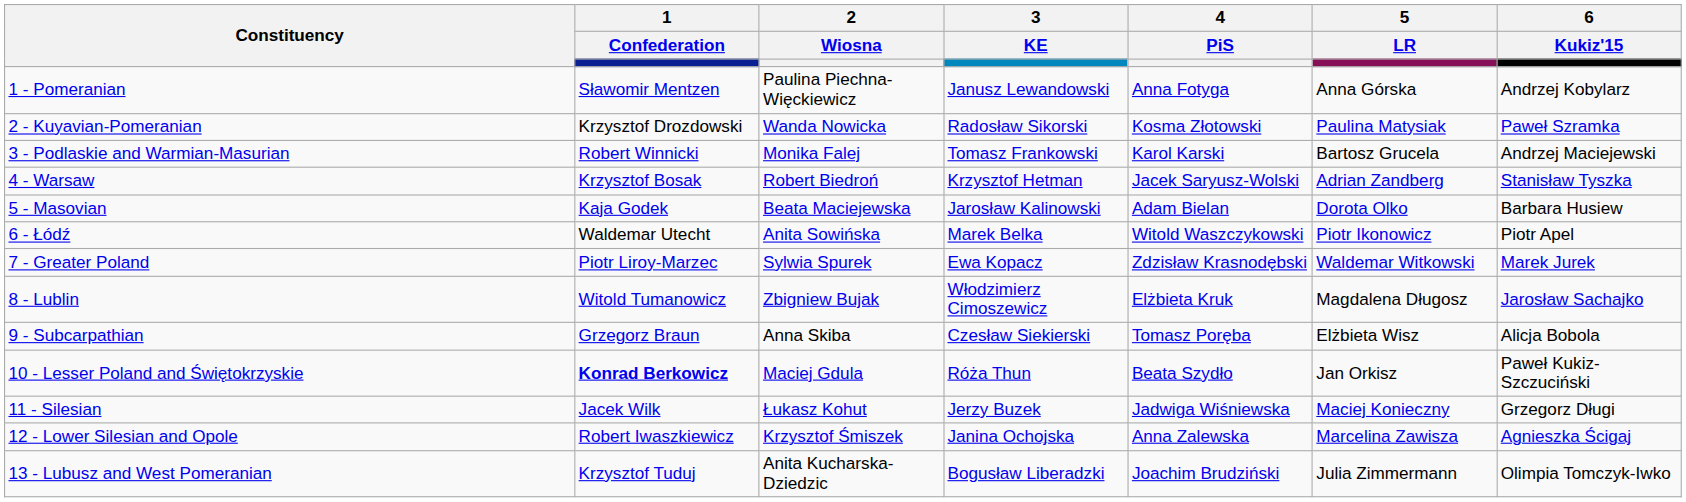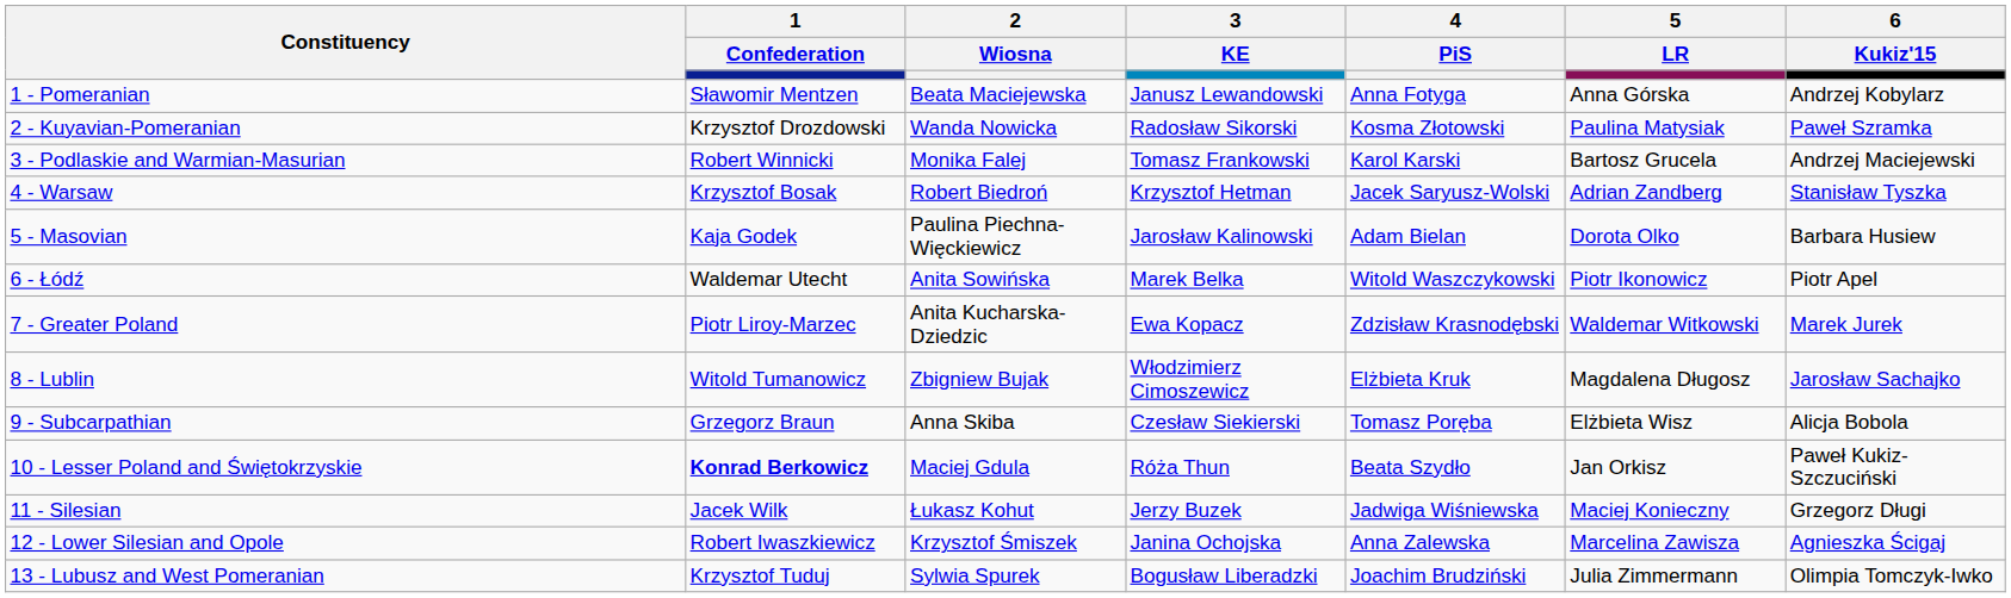 <table class="wikitable" font-size:90%>
 <tr>
 <th rowspan="3">Constituency</th>
 <th>1</th>
 <th>2</th>
 <th>3</th>
 <th>4</th>
 <th>5</th>
 <th>6</th>
 </tr>
 <tr>
 <th width="11%"><a href='#'>Confederation</a></th>
 <th width="11%"><a href='#'>Wiosna</a></th>
 <th width="11%"><a href='#'>KE</a></th>
 <th width="11%"><a href='#'>PiS</a></th>
 <th width="11%"><a href='#'>LR</a></th>
 <th width="11%"><a href='#'>Kukiz'15</a></th>
 </tr>
 <tr>
 <th style="color:inherit;background: #091F92 "></th>
 <th style="color:inherit;background: "></th>
 <th style="color:inherit;background: #0087BD "></th>
 <th style="color:inherit;background: "></th>
 <th style="color:inherit;background: #870f57 "></th>
 <th style="color:inherit;background: #000000 "></th>
 </tr>
 <tr>
 <td><a href='#'>1 - Pomeranian</a></td>
 <td><a href='#'>Sławomir Mentzen</a></td>
-<td>Paulina Piechna-Więckiewicz</td>
+<td><a href='#'>Beata Maciejewska</a></td>
 <td><a href='#'>Janusz Lewandowski</a></td>
 <td><a href='#'>Anna Fotyga</a></td>
 <td>Anna Górska</td>
 <td>Andrzej Kobylarz</td>
 </tr>
 <tr>
 <td><a href='#'>2 - Kuyavian-Pomeranian</a></td>
 <td>Krzysztof Drozdowski</td>
 <td><a href='#'>Wanda Nowicka</a></td>
 <td><a href='#'>Radosław Sikorski</a></td>
 <td><a href='#'>Kosma Złotowski</a></td>
 <td><a href='#'>Paulina Matysiak</a></td>
 <td><a href='#'>Paweł Szramka</a></td>
 </tr>
 <tr>
 <td><a href='#'>3 - Podlaskie and Warmian-Masurian</a></td>
 <td><a href='#'>Robert Winnicki</a></td>
 <td><a href='#'>Monika Falej</a></td>
 <td><a href='#'>Tomasz Frankowski</a></td>
 <td><a href='#'>Karol Karski</a></td>
 <td>Bartosz Grucela</td>
 <td>Andrzej Maciejewski</td>
 </tr>
 <tr>
 <td><a href='#'>4 - Warsaw</a></td>
 <td><a href='#'>Krzysztof Bosak</a></td>
 <td><a href='#'>Robert Biedroń</a></td>
 <td><a href='#'>Krzysztof Hetman</a></td>
 <td><a href='#'>Jacek Saryusz-Wolski</a></td>
 <td><a href='#'>Adrian Zandberg</a></td>
 <td><a href='#'>Stanisław Tyszka</a></td>
 </tr>
 <tr>
 <td><a href='#'>5 - Masovian</a></td>
 <td><a href='#'>Kaja Godek</a></td>
-<td><a href='#'>Beata Maciejewska</a></td>
+<td>Paulina Piechna-Więckiewicz</td>
 <td><a href='#'>Jarosław Kalinowski</a></td>
 <td><a href='#'>Adam Bielan</a></td>
 <td><a href='#'>Dorota Olko</a></td>
 <td>Barbara Husiew</td>
 </tr>
 <tr>
 <td><a href='#'>6 - Łódź</a></td>
 <td>Waldemar Utecht</td>
 <td><a href='#'>Anita Sowińska</a></td>
 <td><a href='#'>Marek Belka</a></td>
 <td><a href='#'>Witold Waszczykowski</a></td>
 <td><a href='#'>Piotr Ikonowicz</a></td>
 <td>Piotr Apel</td>
 </tr>
 <tr>
 <td><a href='#'>7 - Greater Poland</a></td>
 <td><a href='#'>Piotr Liroy-Marzec</a></td>
-<td><a href='#'>Sylwia Spurek</a></td>
+<td>Anita Kucharska-Dziedzic</td>
 <td><a href='#'>Ewa Kopacz</a></td>
 <td><a href='#'>Zdzisław Krasnodębski</a></td>
 <td><a href='#'>Waldemar Witkowski</a></td>
 <td><a href='#'>Marek Jurek</a></td>
 </tr>
 <tr>
 <td><a href='#'>8 - Lublin</a></td>
 <td><a href='#'>Witold Tumanowicz</a></td>
 <td><a href='#'>Zbigniew Bujak</a></td>
 <td><a href='#'>Włodzimierz Cimoszewicz</a></td>
 <td><a href='#'>Elżbieta Kruk</a></td>
 <td>Magdalena Długosz</td>
 <td><a href='#'>Jarosław Sachajko</a></td>
 </tr>
 <tr>
 <td><a href='#'>9 - Subcarpathian</a></td>
 <td><a href='#'>Grzegorz Braun</a></td>
 <td>Anna Skiba</td>
 <td><a href='#'>Czesław Siekierski</a></td>
 <td><a href='#'>Tomasz Poręba</a></td>
 <td>Elżbieta Wisz</td>
 <td>Alicja Bobola</td>
 </tr>
 <tr>
 <td><a href='#'>10 - Lesser Poland and Świętokrzyskie</a></td>
 <td><strong><a href='#'>Konrad Berkowicz</a></strong></td>
 <td><a href='#'>Maciej Gdula</a></td>
 <td><a href='#'>Róża Thun</a></td>
 <td><a href='#'>Beata Szydło</a></td>
 <td>Jan Orkisz</td>
 <td>Paweł Kukiz-Szczuciński</td>
 </tr>
 <tr>
 <td><a href='#'>11 - Silesian</a></td>
 <td><a href='#'>Jacek Wilk</a></td>
 <td><a href='#'>Łukasz Kohut</a></td>
 <td><a href='#'>Jerzy Buzek</a></td>
 <td><a href='#'>Jadwiga Wiśniewska</a></td>
 <td><a href='#'>Maciej Konieczny</a></td>
 <td>Grzegorz Długi</td>
 </tr>
 <tr>
 <td><a href='#'>12 - Lower Silesian and Opole</a></td>
 <td><a href='#'>Robert Iwaszkiewicz</a></td>
 <td><a href='#'>Krzysztof Śmiszek</a></td>
 <td><a href='#'>Janina Ochojska</a></td>
 <td><a href='#'>Anna Zalewska</a></td>
 <td><a href='#'>Marcelina Zawisza</a></td>
 <td><a href='#'>Agnieszka Ścigaj</a></td>
 </tr>
 <tr>
 <td><a href='#'>13 - Lubusz and West Pomeranian</a></td>
 <td><a href='#'>Krzysztof Tuduj</a></td>
-<td>Anita Kucharska-Dziedzic</td>
+<td><a href='#'>Sylwia Spurek</a></td>
 <td><a href='#'>Bogusław Liberadzki</a></td>
 <td><a href='#'>Joachim Brudziński</a></td>
 <td>Julia Zimmermann</td>
 <td>Olimpia Tomczyk-Iwko</td>
 </tr>
 </table>
